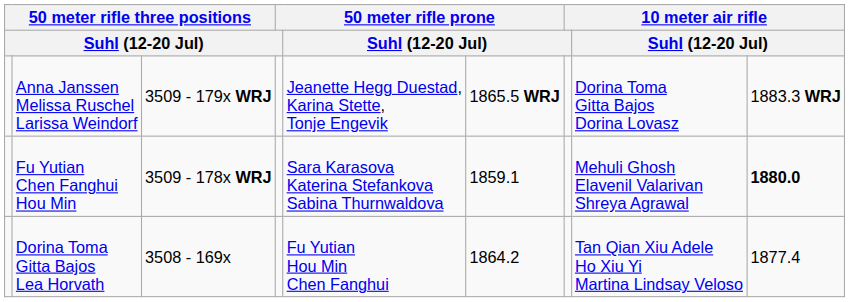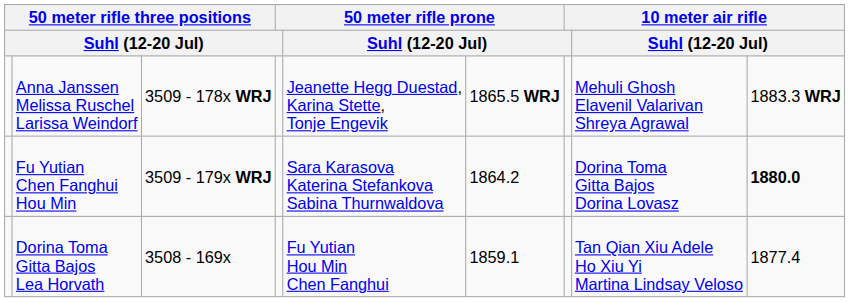 <table class="wikitable" style="font-size: 95%">
 <tr>
 <th colspan="3"><a href='#'>50 meter rifle three positions</a></th>
 <th colspan="3"><a href='#'>50 meter rifle prone</a></th>
 <th colspan="3"><a href='#'>10 meter air rifle</a></th>
 </tr>
 <tr>
 <th colspan="4"><strong><a href='#'>Suhl</a></strong> <strong> (12-20 Jul)</strong></th>
 <th colspan="3"><strong><a href='#'>Suhl</a></strong> <strong> (12-20 Jul)</strong></th>
 <th colspan="2"><strong><a href='#'>Suhl</a></strong> <strong> (12-20 Jul)</strong></th>
 </tr>
 <tr>
 <td></td>
 <td><br><a href='#'>Anna Janssen</a><br><a href='#'>Melissa Ruschel</a><br><a href='#'>Larissa Weindorf</a></td>
-<td>3509 - 179x <strong>WRJ</strong></td>
+<td>3509 - 178x <strong>WRJ</strong></td>
 <td></td>
 <td><br><a href='#'>Jeanette Hegg Duestad</a>,<br><a href='#'>Karina Stette</a>,<br><a href='#'>Tonje Engevik</a></td>
 <td>1865.5 <strong>WRJ</strong></td>
 <td></td>
-<td><br><a href='#'>Dorina Toma</a><br><a href='#'>Gitta Bajos</a><br><a href='#'>Dorina Lovasz</a></td>
+<td><br><a href='#'>Mehuli Ghosh</a><br><a href='#'>Elavenil Valarivan</a><br><a href='#'>Shreya Agrawal</a></td>
 <td>1883.3 <strong>WRJ</strong></td>
 </tr>
 <tr>
 <td></td>
 <td><br><a href='#'>Fu Yutian</a><br><a href='#'>Chen Fanghui</a><br><a href='#'>Hou Min</a></td>
-<td>3509 - 178x <strong>WRJ</strong></td>
+<td>3509 - 179x <strong>WRJ</strong></td>
 <td></td>
 <td><br><a href='#'>Sara Karasova</a><br><a href='#'>Katerina Stefankova</a><br><a href='#'>Sabina Thurnwaldova</a></td>
-<td>1859.1</td>
+<td>1864.2</td>
 <td></td>
-<td><br><a href='#'>Mehuli Ghosh</a><br><a href='#'>Elavenil Valarivan</a><br><a href='#'>Shreya Agrawal</a></td>
+<td><br><a href='#'>Dorina Toma</a><br><a href='#'>Gitta Bajos</a><br><a href='#'>Dorina Lovasz</a></td>
 <td><strong>1880.0</strong></td>
 </tr>
 <tr>
 <td></td>
 <td><br><a href='#'>Dorina Toma</a><br><a href='#'>Gitta Bajos</a><br><a href='#'>Lea Horvath</a></td>
 <td>3508 - 169x</td>
 <td></td>
 <td><br><a href='#'>Fu Yutian</a><br><a href='#'>Hou Min</a><br><a href='#'>Chen Fanghui</a></td>
-<td>1864.2</td>
+<td>1859.1</td>
 <td></td>
 <td><br><a href='#'>Tan Qian Xiu Adele</a><br><a href='#'>Ho Xiu Yi</a><br><a href='#'>Martina Lindsay Veloso</a></td>
 <td>1877.4</td>
 </tr>
 </table>
